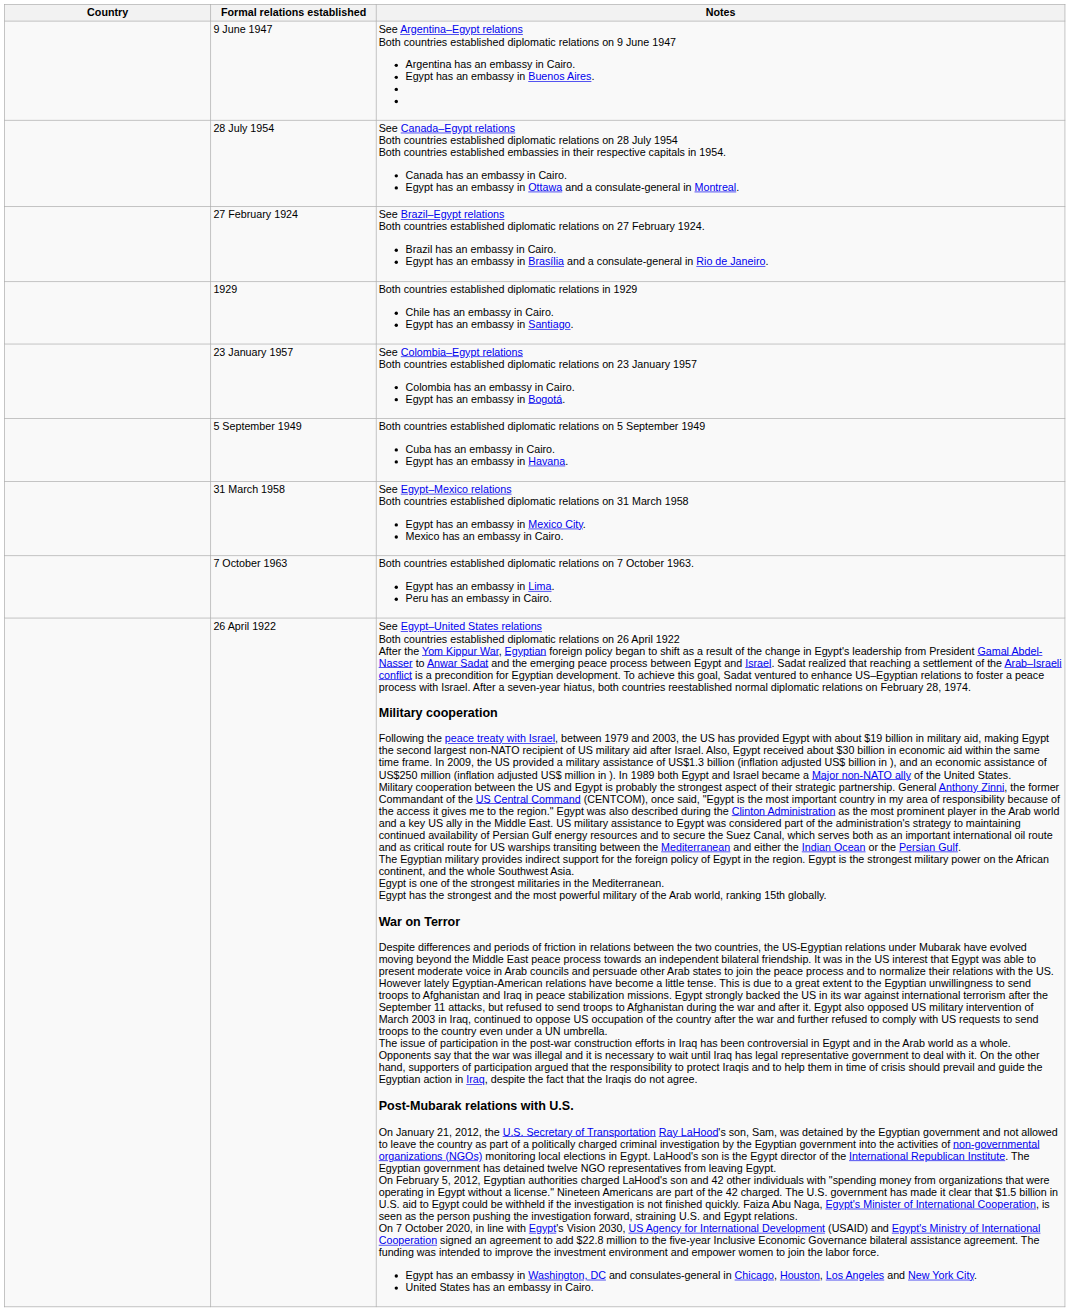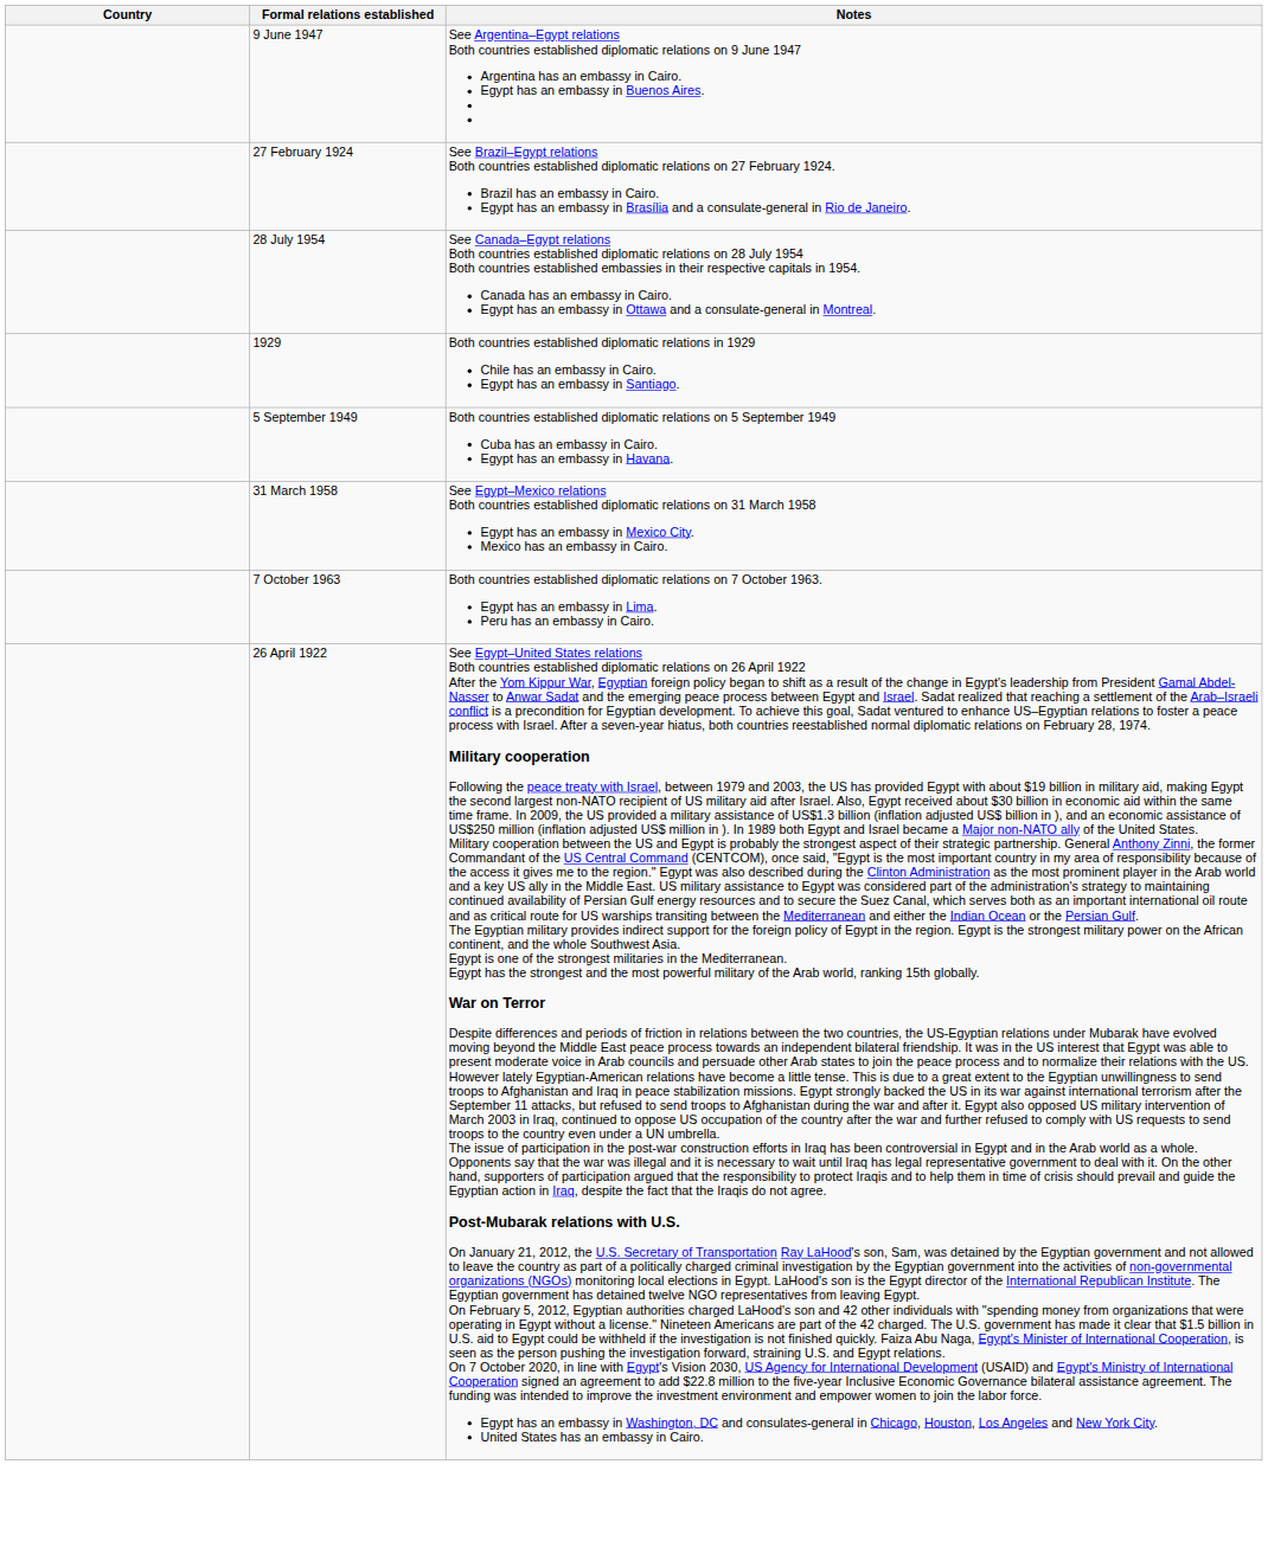 <table class="wikitable sortable" style="width:100%; margin:auto;">
 <tr>
 <th style="width:15%;">Country</th>
 <th style="width:12%;">Formal relations established</th>
 <th style="width:50%;">Notes</th>
 </tr>
 <tr valign="top">
 <td></td>
 <td>9 June 1947</td>
 <td>See <a href='#'>Argentina–Egypt relations</a><br>Both countries established diplomatic relations on 9 June 1947<ul><li>Argentina has an embassy in Cairo.</li><li>Egypt has an embassy in <a href='#'>Buenos Aires</a>.</li><li></li><li></li></ul></td>
 </tr>
 <tr valign="top">
 <td></td>
+<td>27 February 1924</td>
+<td>See <a href='#'>Brazil–Egypt relations</a><br>Both countries established diplomatic relations on 27 February 1924.<ul><li>Brazil has an embassy in Cairo.</li><li>Egypt has an embassy in <a href='#'>Brasília</a> and a consulate-general in <a href='#'>Rio de Janeiro</a>.</li></ul></td>
+</tr>
+<tr valign="top">
+<td></td>
 <td>28 July 1954</td>
 <td>See <a href='#'>Canada–Egypt relations</a><br>Both countries established diplomatic relations on 28 July 1954<br>Both countries established embassies in their respective capitals in 1954.<ul><li>Canada has an embassy in Cairo.</li><li>Egypt has an embassy in <a href='#'>Ottawa</a> and a consulate-general in <a href='#'>Montreal</a>.</li></ul></td>
 </tr>
 <tr valign="top">
 <td></td>
-<td>27 February 1924</td>
-<td>See <a href='#'>Brazil–Egypt relations</a><br>Both countries established diplomatic relations on 27 February 1924.<ul><li>Brazil has an embassy in Cairo.</li><li>Egypt has an embassy in <a href='#'>Brasília</a> and a consulate-general in <a href='#'>Rio de Janeiro</a>.</li></ul></td>
-</tr>
-<tr valign="top">
-<td></td>
 <td>1929</td>
 <td>Both countries established diplomatic relations in 1929<br><ul><li>Chile has an embassy in Cairo.</li><li>Egypt has an embassy in <a href='#'>Santiago</a>.</li></ul></td>
-</tr>
-<tr valign="top">
-<td></td>
-<td>23 January 1957</td>
-<td>See <a href='#'>Colombia–Egypt relations</a><br>Both countries established diplomatic relations on 23 January 1957<ul><li>Colombia has an embassy in Cairo.</li><li>Egypt has an embassy in <a href='#'>Bogotá</a>.</li></ul></td>
 </tr>
 <tr valign="top">
 <td></td>
 <td>5 September 1949</td>
 <td>Both countries established diplomatic relations on 5 September 1949<br><ul><li>Cuba has an embassy in Cairo.</li><li>Egypt has an embassy in <a href='#'>Havana</a>.</li></ul></td>
 </tr>
 <tr valign="top">
 <td></td>
 <td>31 March 1958</td>
 <td>See <a href='#'>Egypt–Mexico relations</a><br>Both countries established diplomatic relations on 31 March 1958<ul><li>Egypt has an embassy in <a href='#'>Mexico City</a>.</li><li>Mexico has an embassy in Cairo.</li></ul></td>
 </tr>
 <tr valign="top">
 <td></td>
 <td>7 October 1963</td>
 <td>Both countries established diplomatic relations on 7 October 1963.<br><ul><li>Egypt has an embassy in <a href='#'>Lima</a>.</li><li>Peru has an embassy in Cairo.</li></ul></td>
 </tr>
 <tr valign="top">
 <td></td>
 <td>26 April 1922</td>
 <td>See <a href='#'>Egypt–United States relations</a><br>Both countries established diplomatic relations on 26 April 1922<br>After the <a href='#'>Yom Kippur War</a>, <a href='#'>Egyptian</a> foreign policy began to shift as a result of the change in Egypt's leadership from President <a href='#'>Gamal Abdel-Nasser</a> to <a href='#'>Anwar Sadat</a> and the emerging peace process between Egypt and <a href='#'>Israel</a>. Sadat realized that reaching a settlement of the <a href='#'>Arab–Israeli conflict</a> is a precondition for Egyptian development. To achieve this goal, Sadat ventured to enhance US–Egyptian relations to foster a peace process with Israel. After a seven-year hiatus, both countries reestablished normal diplomatic relations on February 28, 1974.<h3>Military cooperation</h3>Following the <a href='#'>peace treaty with Israel</a>, between 1979 and 2003, the US has provided Egypt with about $19 billion in military aid, making Egypt the second largest non-NATO recipient of US military aid after Israel. Also, Egypt received about $30 billion in economic aid within the same time frame. In 2009, the US provided a military assistance of US$1.3 billion (inflation adjusted US$  billion in ), and an economic assistance of US$250 million (inflation adjusted US$  million in ). In 1989 both Egypt and Israel became a <a href='#'>Major non-NATO ally</a> of the United States.<br>Military cooperation between the US and Egypt is probably the strongest aspect of their strategic partnership. General <a href='#'>Anthony Zinni</a>, the former Commandant of the <a href='#'>US Central Command</a> (CENTCOM), once said, "Egypt is the most important country in my area of responsibility because of the access it gives me to the region." Egypt was also described during the <a href='#'>Clinton Administration</a> as the most prominent player in the Arab world and a key US ally in the Middle East. US military assistance to Egypt was considered part of the administration's strategy to maintaining continued availability of Persian Gulf energy resources and to secure the Suez Canal, which serves both as an important international oil route and as critical route for US warships transiting between the <a href='#'>Mediterranean</a> and either the <a href='#'>Indian Ocean</a> or the <a href='#'>Persian Gulf</a>.<br>The Egyptian military provides indirect support for the foreign policy of Egypt in the region. Egypt is the strongest military power on the African continent, and the whole Southwest Asia.<br>Egypt is one of the strongest militaries in the Mediterranean.<br>Egypt has the strongest and the most powerful military of the Arab world, ranking 15th globally.<h3>War on Terror</h3>Despite differences and periods of friction in relations between the two countries, the US-Egyptian relations under Mubarak have evolved moving beyond the Middle East peace process towards an independent bilateral friendship. It was in the US interest that Egypt was able to present moderate voice in Arab councils and persuade other Arab states to join the peace process and to normalize their relations with the US.<br>However lately Egyptian-American relations have become a little tense. This is due to a great extent to the Egyptian unwillingness to send troops to Afghanistan and Iraq in peace stabilization missions. Egypt strongly backed the US in its war against international terrorism after the September 11 attacks, but refused to send troops to Afghanistan during the war and after it. Egypt also opposed US military intervention of March 2003 in Iraq, continued to oppose US occupation of the country after the war and further refused to comply with US requests to send troops to the country even under a UN umbrella.<br>The issue of participation in the post-war construction efforts in Iraq has been controversial in Egypt and in the Arab world as a whole. Opponents say that the war was illegal and it is necessary to wait until Iraq has legal representative government to deal with it. On the other hand, supporters of participation argued that the responsibility to protect Iraqis and to help them in time of crisis should prevail and guide the Egyptian action in <a href='#'>Iraq</a>, despite the fact that the Iraqis do not agree.<h3>Post-Mubarak relations with U.S.</h3> On January 21, 2012, the <a href='#'>U.S. Secretary of Transportation</a> <a href='#'>Ray LaHood</a>'s son, Sam, was detained by the Egyptian government and not allowed to leave the country as part of a politically charged criminal investigation by the Egyptian government into the activities of <a href='#'>non-governmental organizations (NGOs)</a> monitoring local elections in Egypt. LaHood's son is the Egypt director of the <a href='#'>International Republican Institute</a>. The Egyptian government has detained twelve NGO representatives from leaving Egypt.<br>On February 5, 2012, Egyptian authorities charged LaHood's son and 42 other individuals with "spending money from organizations that were operating in Egypt without a license." Nineteen Americans are part of the 42 charged. The U.S. government has made it clear that $1.5 billion in U.S. aid to Egypt could be withheld if the investigation is not finished quickly. Faiza Abu Naga, <a href='#'>Egypt's Minister of International Cooperation</a>, is seen as the person pushing the investigation forward, straining U.S. and Egypt relations.<br>On 7 October 2020, in line with <a href='#'>Egypt</a>'s Vision 2030, <a href='#'>US Agency for International Development</a> (USAID) and <a href='#'>Egypt's Ministry of International Cooperation</a> signed an agreement to add $22.8 million to the five-year Inclusive Economic Governance bilateral assistance agreement. The funding was intended to improve the investment environment and empower women to join the labor force.<ul><li>Egypt has an embassy in <a href='#'>Washington, DC</a> and consulates-general in <a href='#'>Chicago</a>, <a href='#'>Houston</a>, <a href='#'>Los Angeles</a> and <a href='#'>New York City</a>.</li><li>United States has an embassy in Cairo.</li></ul></td>
 </tr>
 </table>
